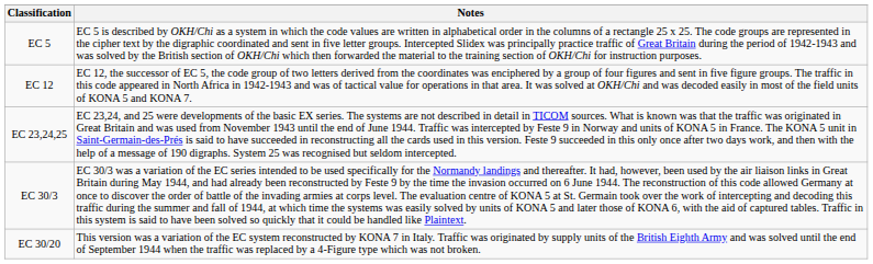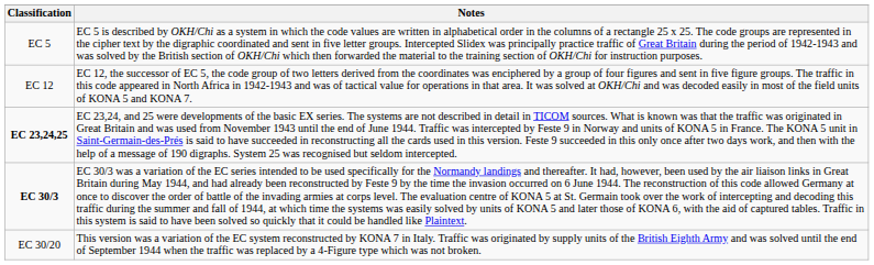 <table class="wikitable">
 <tr>
 </tr>
 <tr>
 <th style="text-align: center;">Classification</th>
 <th style="text-align: center;">Notes</th>
 </tr>
 <tr>
 <td style="text-align: center;">EC 5</td>
 <td>EC 5 is described by <em>OKH/Chi</em> as a system in which the code values are written in alphabetical order in the columns of a rectangle 25 x 25. The code groups are represented in the cipher text by the digraphic coordinated and sent in five letter groups. Intercepted Slidex was principally practice traffic of <a href='#'>Great Britain</a> during the period of 1942-1943 and was solved by the British section of <em>OKH/Chi</em> which then forwarded the material to the training section of <em>OKH/Chi</em> for instruction purposes.</td>
 </tr>
 <tr>
 <td style="text-align: center;">EC 12</td>
 <td>EC 12, the successor of EC 5, the code group of two letters derived from the coordinates was enciphered by a group of four figures and sent in five figure groups. The traffic in this code appeared in North Africa in 1942-1943 and was of tactical value for operations in that area. It was solved at <em>OKH/Chi</em> and was decoded easily in most of the field units of KONA 5 and KONA 7.</td>
 </tr>
 <tr>
-<td style="text-align: center;">EC 23,24,25</td>
+<td style="text-align: center;"><strong>EC 23,24,25</strong></td>
 <td>EC 23,24, and 25 were developments of the basic EX series. The systems are not described in detail in <a href='#'>TICOM</a> sources. What is known was that the traffic was originated in Great Britain and was used from November 1943 until the end of June 1944. Traffic was intercepted by Feste 9 in Norway and units of KONA 5 in France. The KONA 5 unit in <a href='#'>Saint-Germain-des-Prés</a> is said to have succeeded in reconstructing all the cards used in this version. Feste 9 succeeded in this only once after two days work, and then with the help of a message of 190 digraphs. System 25 was recognised but seldom intercepted.</td>
 </tr>
 <tr>
-<td style="text-align: center;">EC 30/3</td>
+<td style="text-align: center;"><strong>EC 30/3</strong></td>
 <td>EC 30/3 was a variation of the EC series intended to be used specifically for the <a href='#'>Normandy landings</a> and thereafter. It had, however, been used by the air liaison links in Great Britain during May 1944, and had already been reconstructed by Feste 9 by the time the invasion occurred on 6 June 1944. The reconstruction of this code allowed Germany at once to discover the order of battle of the invading armies at corps level. The evaluation centre of KONA 5 at St. Germain took over the work of intercepting and decoding this traffic during the summer and fall of 1944, at which time the systems was easily solved by units of KONA 5 and later those of KONA 6, with the aid of captured tables. Traffic in this system is said to have been solved so quickly that it could be handled like <a href='#'>Plaintext</a>.</td>
 </tr>
 <tr>
 <td style="text-align: center;">EC 30/20</td>
 <td>This version was a variation of the EC system reconstructed by KONA 7 in Italy. Traffic was originated by supply units of the <a href='#'>British Eighth Army</a> and was solved until the end of September 1944 when the traffic was replaced by a 4-Figure type which was not broken.</td>
 </tr>
 </table>
